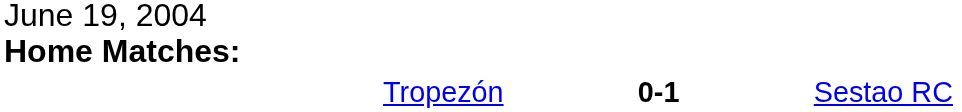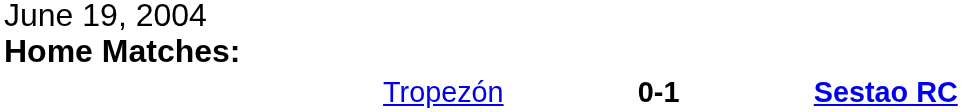 <table width=100% cellspacing=1>
 <tr>
 <th width=20%></th>
 <th width=12%></th>
 <th width=20%></th>
 <th></th>
 </tr>
 <tr>
 <td>June 19, 2004<br><strong>Home Matches:</strong></td>
 </tr>
 <tr style=font-size:90%>
 <td align=right><a href='#'>Tropezón</a></td>
 <td align=center><strong>0-1</strong></td>
-<td><a href='#'>Sestao RC</a></td>
+<td><strong><a href='#'>Sestao RC</a></strong></td>
 </tr>
 </table>
